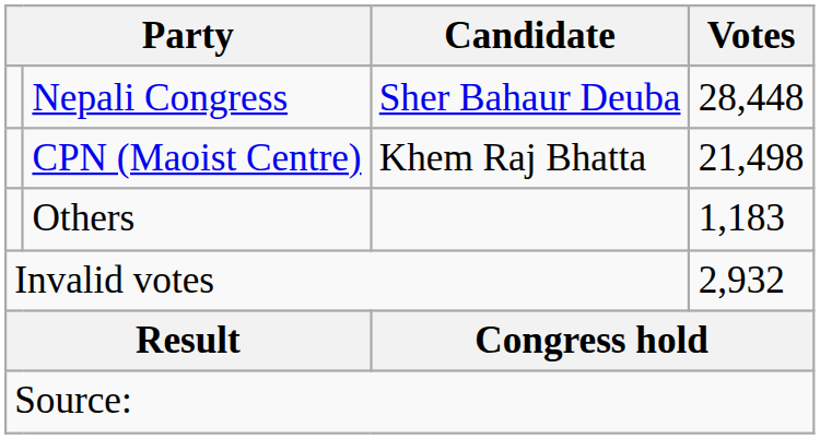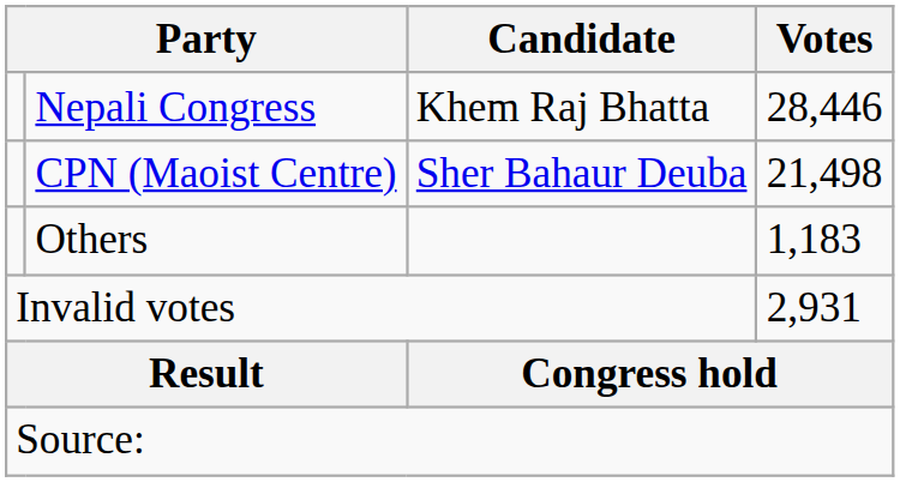 <table class="wikitable">
 <tr>
 <th colspan="2">Party</th>
 <th>Candidate</th>
 <th>Votes</th>
 </tr>
 <tr>
 <td style="background-color:"></td>
 <td><a href='#'>Nepali Congress</a></td>
-<td><a href='#'>Sher Bahaur Deuba</a></td>
-<td>28,448</td>
+<td>Khem Raj Bhatta</td>
+<td>28,446</td>
 </tr>
 <tr>
 <td style="background-color:"></td>
 <td><a href='#'>CPN (Maoist Centre)</a></td>
-<td>Khem Raj Bhatta</td>
+<td><a href='#'>Sher Bahaur Deuba</a></td>
 <td>21,498</td>
 </tr>
 <tr>
 <td></td>
 <td>Others</td>
 <td></td>
 <td>1,183</td>
 </tr>
 <tr>
 <td colspan="3">Invalid votes</td>
-<td>2,932</td>
+<td>2,931</td>
 </tr>
 <tr>
 <th colspan="2">Result</th>
 <th colspan="2">Congress hold</th>
 </tr>
 <tr>
 <td colspan="4">Source: </td>
 </tr>
 </table>
